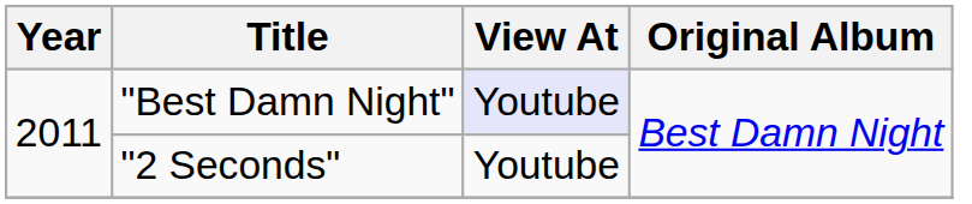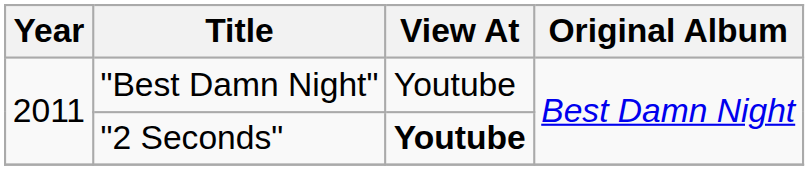 <table class="wikitable">
 <tr>
 <th>Year</th>
 <th>Title</th>
 <th>View At</th>
 <th>Original Album</th>
 </tr>
 <tr>
 <td rowspan="2">2011</td>
 <td>"Best Damn Night"</td>
-<td style="background: lavender;">Youtube</td>
+<td>Youtube</td>
 <td rowspan="2"><em><a href='#'>Best Damn Night</a></em></td>
 </tr>
 <tr>
 <td>"2 Seconds"</td>
-<td>Youtube</td>
+<td><strong>Youtube</strong></td>
 </tr>
 <tr>
 </tr>
 </table>
